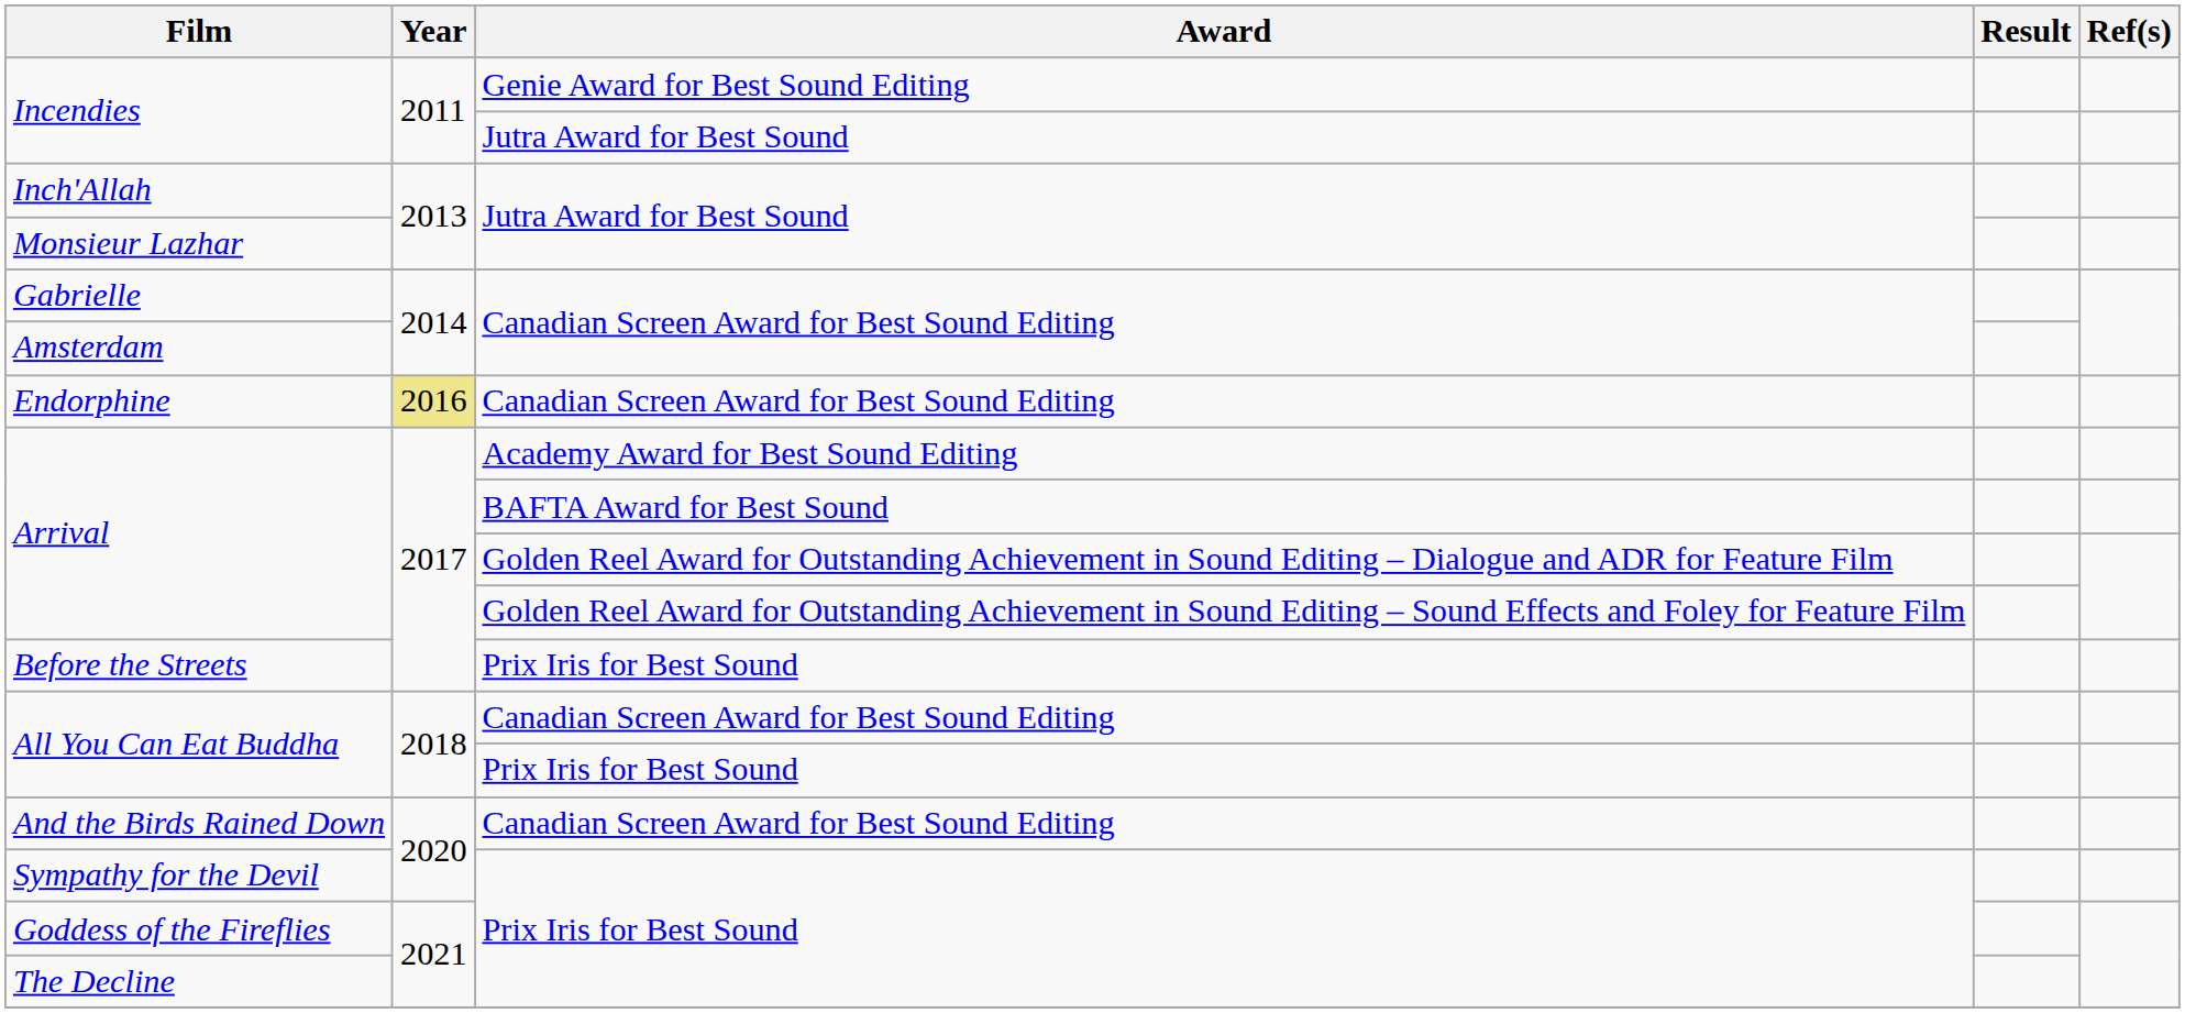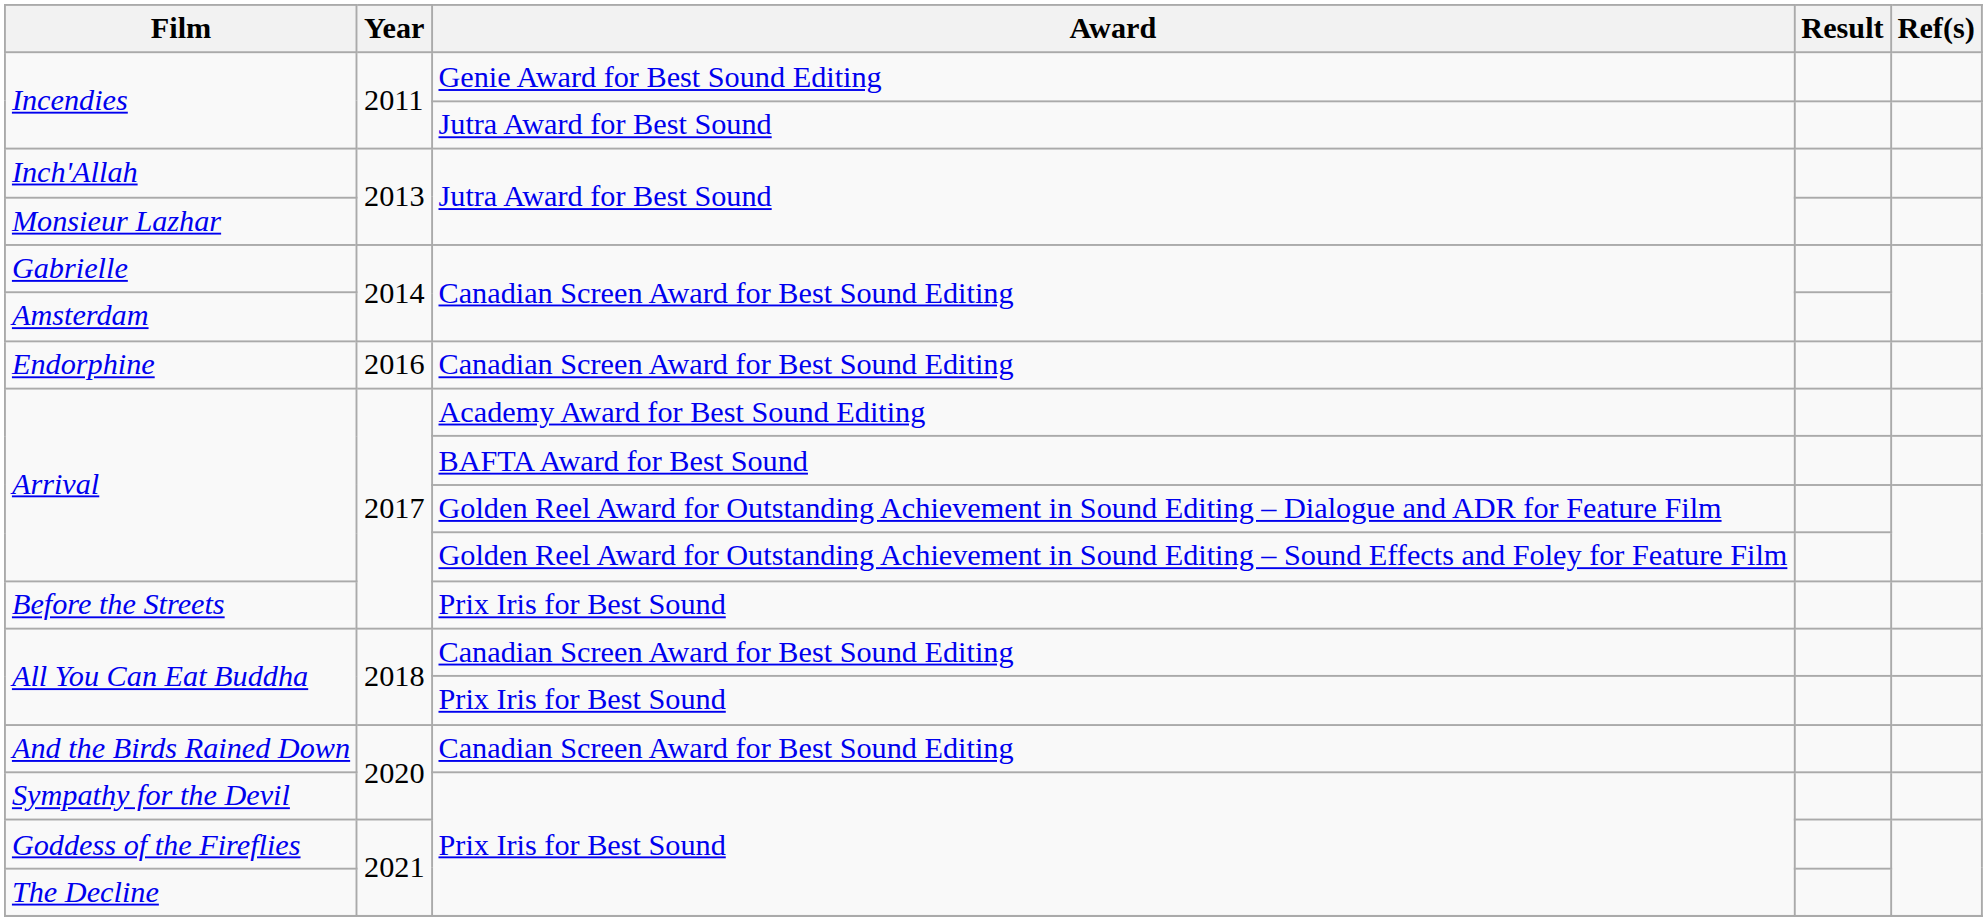 <table class="wikitable plainrowheaders sortable">
 <tr>
 <th>Film</th>
 <th>Year</th>
 <th>Award</th>
 <th>Result</th>
 <th>Ref(s)</th>
 </tr>
 <tr>
 <td rowspan="2"><em><a href='#'>Incendies</a></em></td>
 <td rowspan="2">2011</td>
 <td><a href='#'>Genie Award for Best Sound Editing</a></td>
 <td></td>
 <td></td>
 </tr>
 <tr>
 <td><a href='#'>Jutra Award for Best Sound</a></td>
 <td></td>
 <td></td>
 </tr>
 <tr>
 <td><em><a href='#'>Inch'Allah</a></em></td>
 <td rowspan="2">2013</td>
 <td rowspan="2"><a href='#'>Jutra Award for Best Sound</a></td>
 <td></td>
 <td></td>
 </tr>
 <tr>
 <td><em><a href='#'>Monsieur Lazhar</a></em></td>
 <td></td>
 <td></td>
 </tr>
 <tr>
 <td><em><a href='#'>Gabrielle</a></em></td>
 <td rowspan="2">2014</td>
 <td rowspan="2"><a href='#'>Canadian Screen Award for Best Sound Editing</a></td>
 <td></td>
 <td rowspan="2"></td>
 </tr>
 <tr>
 <td><em><a href='#'>Amsterdam</a></em></td>
 <td></td>
 </tr>
 <tr>
 <td><em><a href='#'>Endorphine</a></em></td>
-<td style="background: khaki;">2016</td>
+<td>2016</td>
 <td><a href='#'>Canadian Screen Award for Best Sound Editing</a></td>
 <td></td>
 <td></td>
 </tr>
 <tr>
 <td rowspan="4"><em><a href='#'>Arrival</a></em></td>
 <td rowspan="5">2017</td>
 <td><a href='#'>Academy Award for Best Sound Editing</a></td>
 <td></td>
 <td></td>
 </tr>
 <tr>
 <td><a href='#'>BAFTA Award for Best Sound</a></td>
 <td></td>
 <td></td>
 </tr>
 <tr>
 <td><a href='#'>Golden Reel Award for Outstanding Achievement in Sound Editing – Dialogue and ADR for Feature Film</a></td>
 <td></td>
 <td rowspan="2"></td>
 </tr>
 <tr>
 <td><a href='#'>Golden Reel Award for Outstanding Achievement in Sound Editing – Sound Effects and Foley for Feature Film</a></td>
 <td></td>
 </tr>
 <tr>
 <td><em><a href='#'>Before the Streets</a></em></td>
 <td><a href='#'>Prix Iris for Best Sound</a></td>
 <td></td>
 <td></td>
 </tr>
 <tr>
 <td rowspan="2"><em><a href='#'>All You Can Eat Buddha</a></em></td>
 <td rowspan="2">2018</td>
 <td><a href='#'>Canadian Screen Award for Best Sound Editing</a></td>
 <td></td>
 <td></td>
 </tr>
 <tr>
 <td><a href='#'>Prix Iris for Best Sound</a></td>
 <td></td>
 <td></td>
 </tr>
 <tr>
 <td><em><a href='#'>And the Birds Rained Down</a></em></td>
 <td rowspan="2">2020</td>
 <td><a href='#'>Canadian Screen Award for Best Sound Editing</a></td>
 <td></td>
 <td></td>
 </tr>
 <tr>
 <td><em><a href='#'>Sympathy for the Devil</a></em></td>
 <td rowspan="3"><a href='#'>Prix Iris for Best Sound</a></td>
 <td></td>
 <td></td>
 </tr>
 <tr>
 <td><em><a href='#'>Goddess of the Fireflies</a></em></td>
 <td rowspan="2">2021</td>
 <td></td>
 <td rowspan="2"></td>
 </tr>
 <tr>
 <td><em><a href='#'>The Decline</a></em></td>
 <td></td>
 </tr>
 <tr>
 </tr>
 </table>
